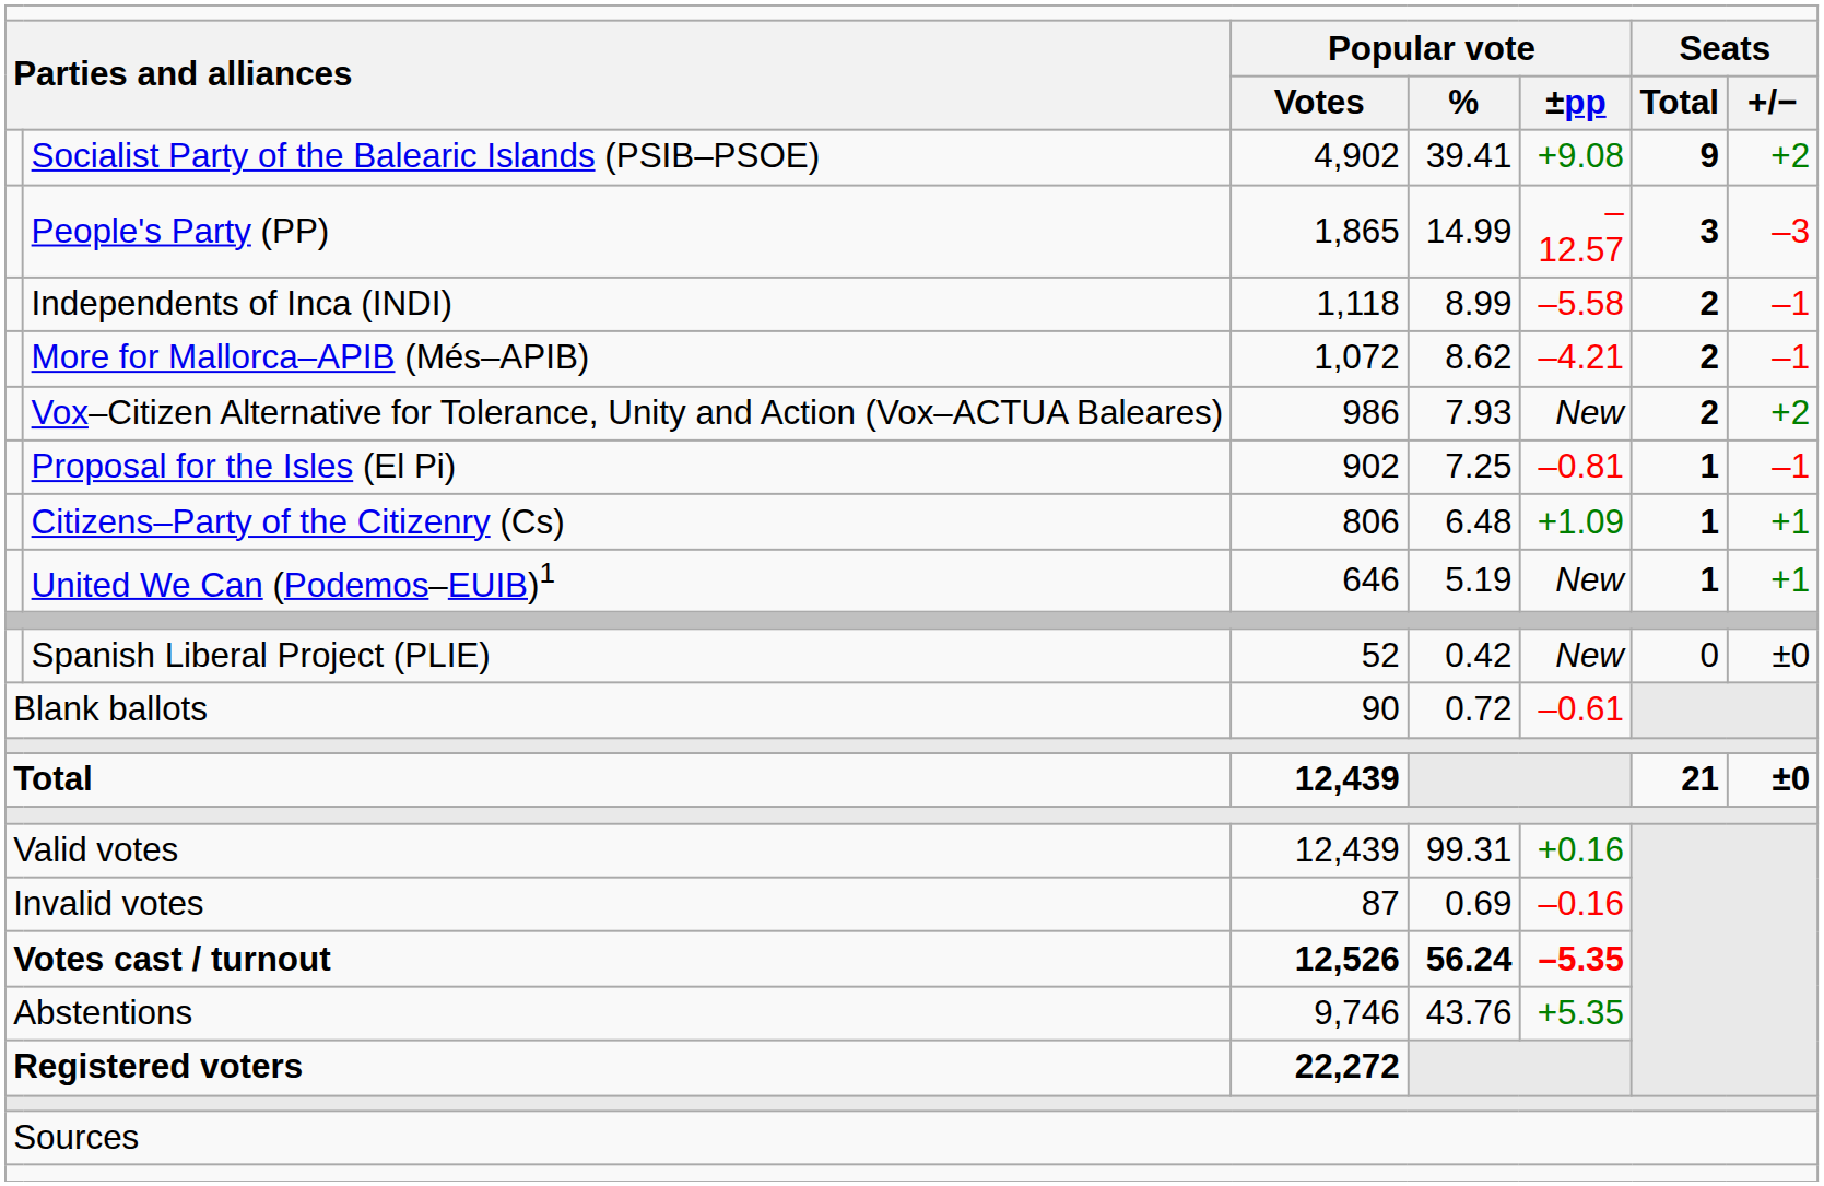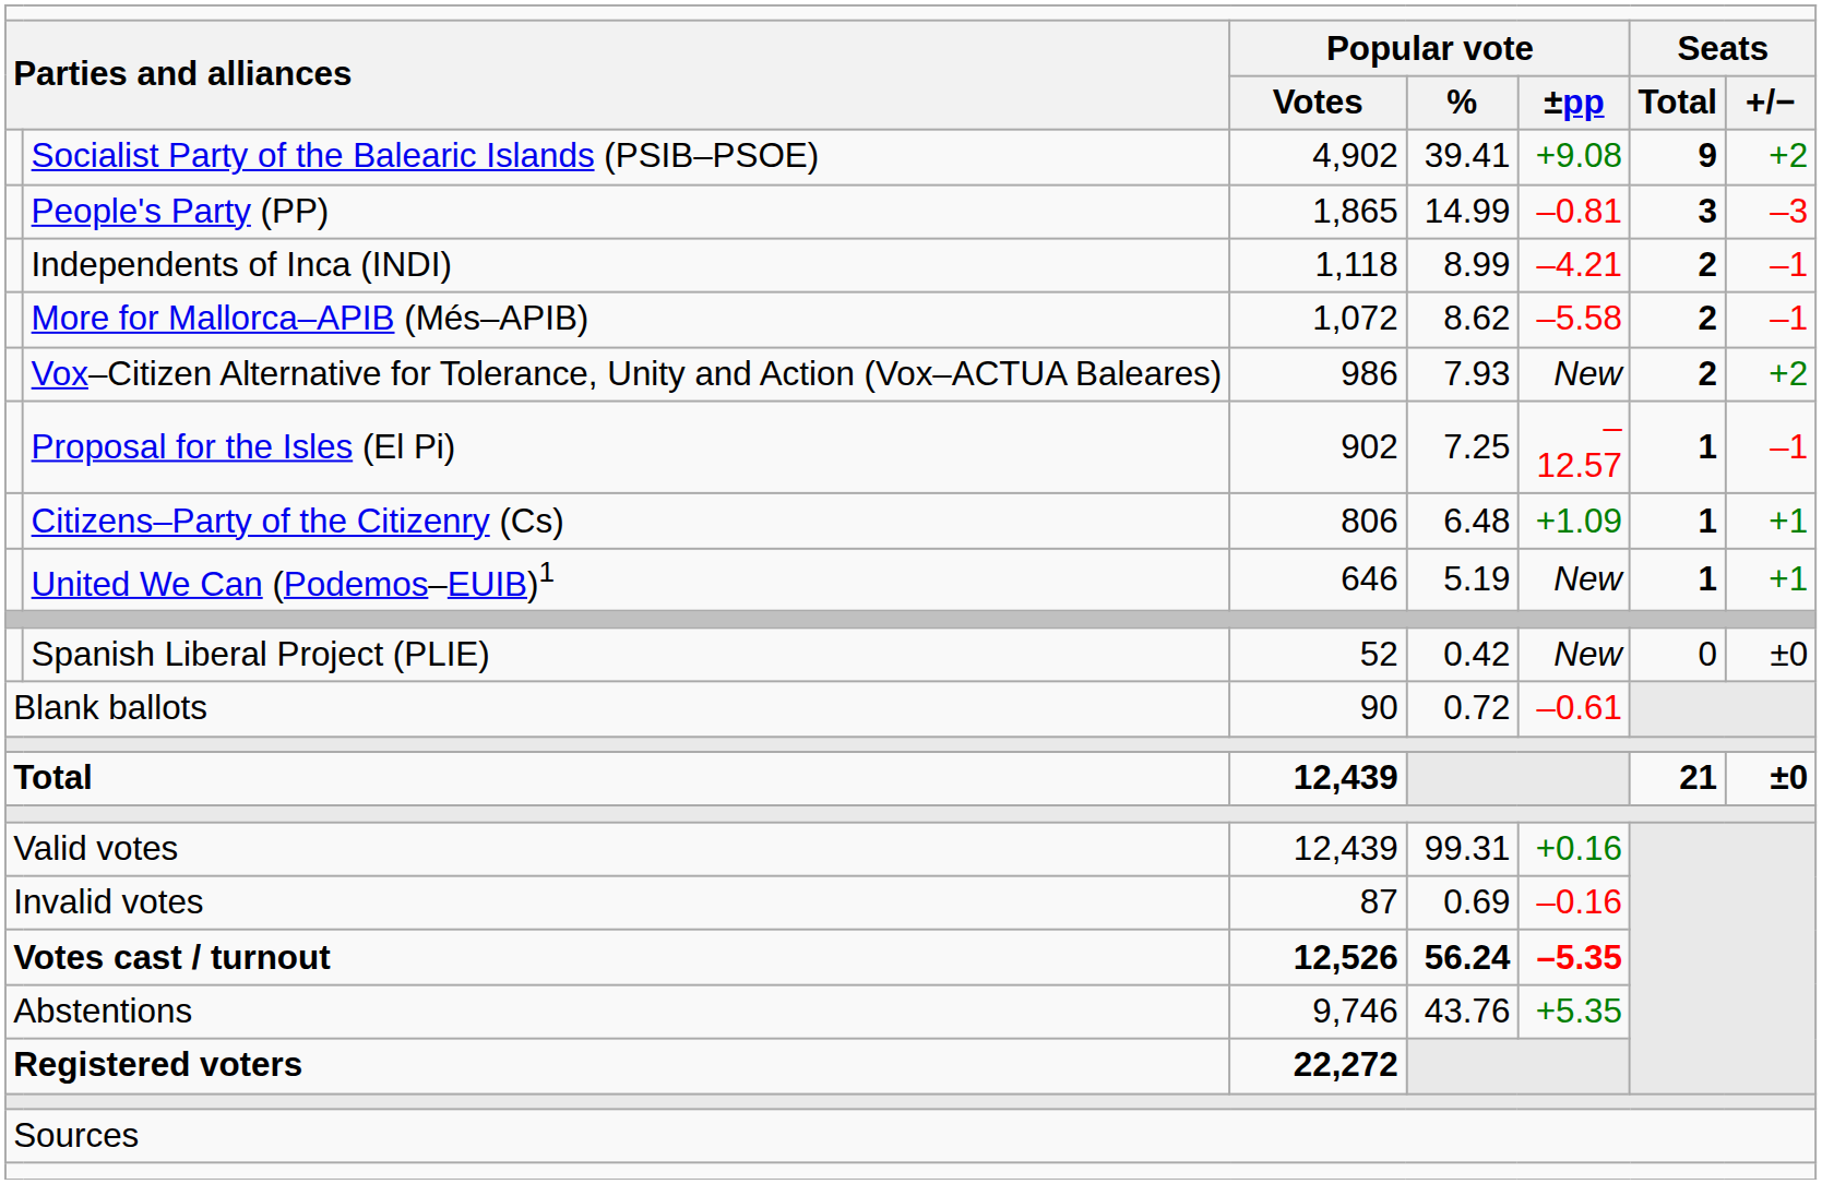 <table class="wikitable" style="text-align:right;">
 <tr>
 <td colspan="7"></td>
 </tr>
 <tr>
 <th style="text-align:left;" rowspan="2" colspan="2" width="525">Parties and alliances</th>
 <th colspan="3">Popular vote</th>
 <th colspan="2">Seats</th>
 </tr>
 <tr>
 <th width="75">Votes</th>
 <th width="45">%</th>
 <th width="45">±<a href='#'>pp</a></th>
 <th width="35">Total</th>
 <th width="35">+/−</th>
 </tr>
 <tr>
 <td width="1" style="color:inherit;background:"></td>
 <td align="left"><a href='#'>Socialist Party of the Balearic Islands</a> (PSIB–PSOE)</td>
 <td>4,902</td>
 <td>39.41</td>
 <td style="color:green;">+9.08</td>
 <td><strong>9</strong></td>
 <td style="color:green;">+2</td>
 </tr>
 <tr>
 <td style="color:inherit;background:"></td>
 <td align="left"><a href='#'>People's Party</a> (PP)</td>
 <td>1,865</td>
 <td>14.99</td>
-<td style="color:red;">–12.57</td>
+<td style="color:red;">–0.81</td>
 <td><strong>3</strong></td>
 <td style="color:red;">–3</td>
 </tr>
 <tr>
 <td style="color:inherit;background:"></td>
 <td align="left">Independents of Inca (INDI)</td>
 <td>1,118</td>
 <td>8.99</td>
-<td style="color:red;">–5.58</td>
+<td style="color:red;">–4.21</td>
 <td><strong>2</strong></td>
 <td style="color:red;">–1</td>
 </tr>
 <tr>
 <td style="color:inherit;background:"></td>
 <td align="left"><a href='#'>More for Mallorca–APIB</a> (Més–APIB)</td>
 <td>1,072</td>
 <td>8.62</td>
-<td style="color:red;">–4.21</td>
+<td style="color:red;">–5.58</td>
 <td><strong>2</strong></td>
 <td style="color:red;">–1</td>
 </tr>
 <tr>
 <td style="color:inherit;background:"></td>
 <td align="left"><a href='#'>Vox</a>–Citizen Alternative for Tolerance, Unity and Action (Vox–ACTUA Baleares)</td>
 <td>986</td>
 <td>7.93</td>
 <td><em>New</em></td>
 <td><strong>2</strong></td>
 <td style="color:green;">+2</td>
 </tr>
 <tr>
 <td style="color:inherit;background:"></td>
 <td align="left"><a href='#'>Proposal for the Isles</a> (El Pi)</td>
 <td>902</td>
 <td>7.25</td>
-<td style="color:red;">–0.81</td>
+<td style="color:red;">–12.57</td>
 <td><strong>1</strong></td>
 <td style="color:red;">–1</td>
 </tr>
 <tr>
 <td style="color:inherit;background:"></td>
 <td align="left"><a href='#'>Citizens–Party of the Citizenry</a> (Cs)</td>
 <td>806</td>
 <td>6.48</td>
 <td style="color:green;">+1.09</td>
 <td><strong>1</strong></td>
 <td style="color:green;">+1</td>
 </tr>
 <tr>
 <td style="color:inherit;background:"></td>
 <td align="left"><a href='#'>United We Can</a> (<a href='#'>Podemos</a>–<a href='#'>EUIB</a>)<sup>1</sup></td>
 <td>646</td>
 <td>5.19</td>
 <td><em>New</em></td>
 <td><strong>1</strong></td>
 <td style="color:green;">+1</td>
 </tr>
 <tr>
 <td colspan="7" bgcolor="#C0C0C0"></td>
 </tr>
 <tr>
 <td style="color:inherit;background:"></td>
 <td align="left">Spanish Liberal Project (PLIE)</td>
 <td>52</td>
 <td>0.42</td>
 <td><em>New</em></td>
 <td>0</td>
 <td>±0</td>
 </tr>
 <tr>
 <td align="left" colspan="2">Blank ballots</td>
 <td>90</td>
 <td>0.72</td>
 <td style="color:red;">–0.61</td>
 <td bgcolor="#E9E9E9" colspan="2"></td>
 </tr>
 <tr>
 <td colspan="7" bgcolor="#E9E9E9"></td>
 </tr>
 <tr style="font-weight:bold;">
 <td align="left" colspan="2">Total</td>
 <td>12,439</td>
 <td bgcolor="#E9E9E9" colspan="2"></td>
 <td>21</td>
 <td>±0</td>
 </tr>
 <tr>
 <td colspan="7" bgcolor="#E9E9E9"></td>
 </tr>
 <tr>
 <td align="left" colspan="2">Valid votes</td>
 <td>12,439</td>
 <td>99.31</td>
 <td style="color:green;">+0.16</td>
 <td bgcolor="#E9E9E9" colspan="2" rowspan="5"></td>
 </tr>
 <tr>
 <td align="left" colspan="2">Invalid votes</td>
 <td>87</td>
 <td>0.69</td>
 <td style="color:red;">–0.16</td>
 </tr>
 <tr style="font-weight:bold;">
 <td align="left" colspan="2">Votes cast / turnout</td>
 <td>12,526</td>
 <td>56.24</td>
 <td style="color:red;">–5.35</td>
 </tr>
 <tr>
 <td align="left" colspan="2">Abstentions</td>
 <td>9,746</td>
 <td>43.76</td>
 <td style="color:green;">+5.35</td>
 </tr>
 <tr style="font-weight:bold;">
 <td align="left" colspan="2">Registered voters</td>
 <td>22,272</td>
 <td bgcolor="#E9E9E9" colspan="2"></td>
 </tr>
 <tr>
 <td colspan="7" bgcolor="#E9E9E9"></td>
 </tr>
 <tr>
 <td align="left" colspan="7">Sources</td>
 </tr>
 <tr>
 <td colspan="7" style="text-align:left; max-width:790px;"></td>
 </tr>
 </table>
